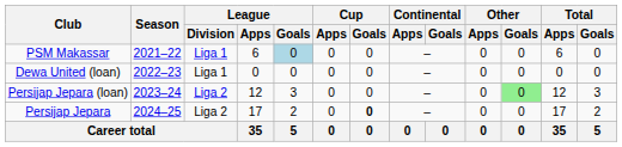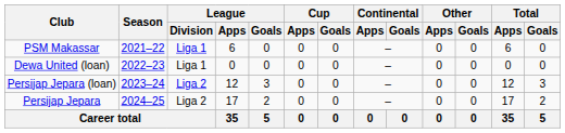 <table class="wikitable" style="text-align: center">
 <tr>
 <th rowspan="2">Club</th>
 <th rowspan="2">Season</th>
 <th colspan="3">League</th>
 <th colspan="2">Cup</th>
 <th colspan="2">Continental</th>
 <th colspan="2">Other</th>
 <th colspan="2">Total</th>
 </tr>
 <tr>
 <th>Division</th>
 <th>Apps</th>
 <th>Goals</th>
 <th>Apps</th>
 <th>Goals</th>
 <th>Apps</th>
 <th>Goals</th>
 <th>Apps</th>
 <th>Goals</th>
 <th>Apps</th>
 <th>Goals</th>
 </tr>
 <tr>
 <td rowspan="1"><a href='#'>PSM Makassar</a></td>
 <td><a href='#'>2021–22</a></td>
 <td rowspan="1" valign="center"><a href='#'>Liga 1</a></td>
 <td>6</td>
-<td style="background: lightblue;">0</td>
+<td>0</td>
 <td>0</td>
 <td>0</td>
 <td colspan="2">–</td>
 <td>0</td>
 <td>0</td>
 <td>6</td>
 <td>0</td>
 </tr>
 <tr>
 <td><a href='#'>Dewa United</a> (loan)</td>
 <td><a href='#'>2022–23</a></td>
 <td>Liga 1</td>
 <td>0</td>
 <td>0</td>
 <td>0</td>
 <td>0</td>
 <td colspan="2">–</td>
 <td>0</td>
 <td>0</td>
 <td>0</td>
 <td>0</td>
 </tr>
 <tr>
 <td rowspan="1"><a href='#'>Persijap Jepara</a> (loan)</td>
 <td><a href='#'>2023–24</a></td>
 <td rowspan="1" valign="center"><a href='#'>Liga 2</a></td>
 <td>12</td>
 <td>3</td>
 <td>0</td>
 <td>0</td>
 <td colspan="2">–</td>
 <td>0</td>
-<td style="background: lightgreen;">0</td>
+<td>0</td>
 <td>12</td>
 <td>3</td>
 </tr>
 <tr>
 <td rowspan="1"><a href='#'>Persijap Jepara</a></td>
 <td><a href='#'>2024–25</a></td>
 <td rowspan="1" valign="center">Liga 2</td>
 <td>17</td>
 <td>2</td>
 <td>0</td>
-<td><strong>0</strong></td>
+<td>0</td>
 <td colspan="2">–</td>
 <td>0</td>
 <td>0</td>
 <td>17</td>
 <td>2</td>
 </tr>
 <tr>
 <th colspan=3>Career total</th>
 <th>35</th>
 <th>5</th>
 <th>0</th>
 <th>0</th>
 <th>0</th>
 <th>0</th>
 <th>0</th>
 <th>0</th>
 <th>35</th>
 <th>5</th>
 </tr>
 </table>
